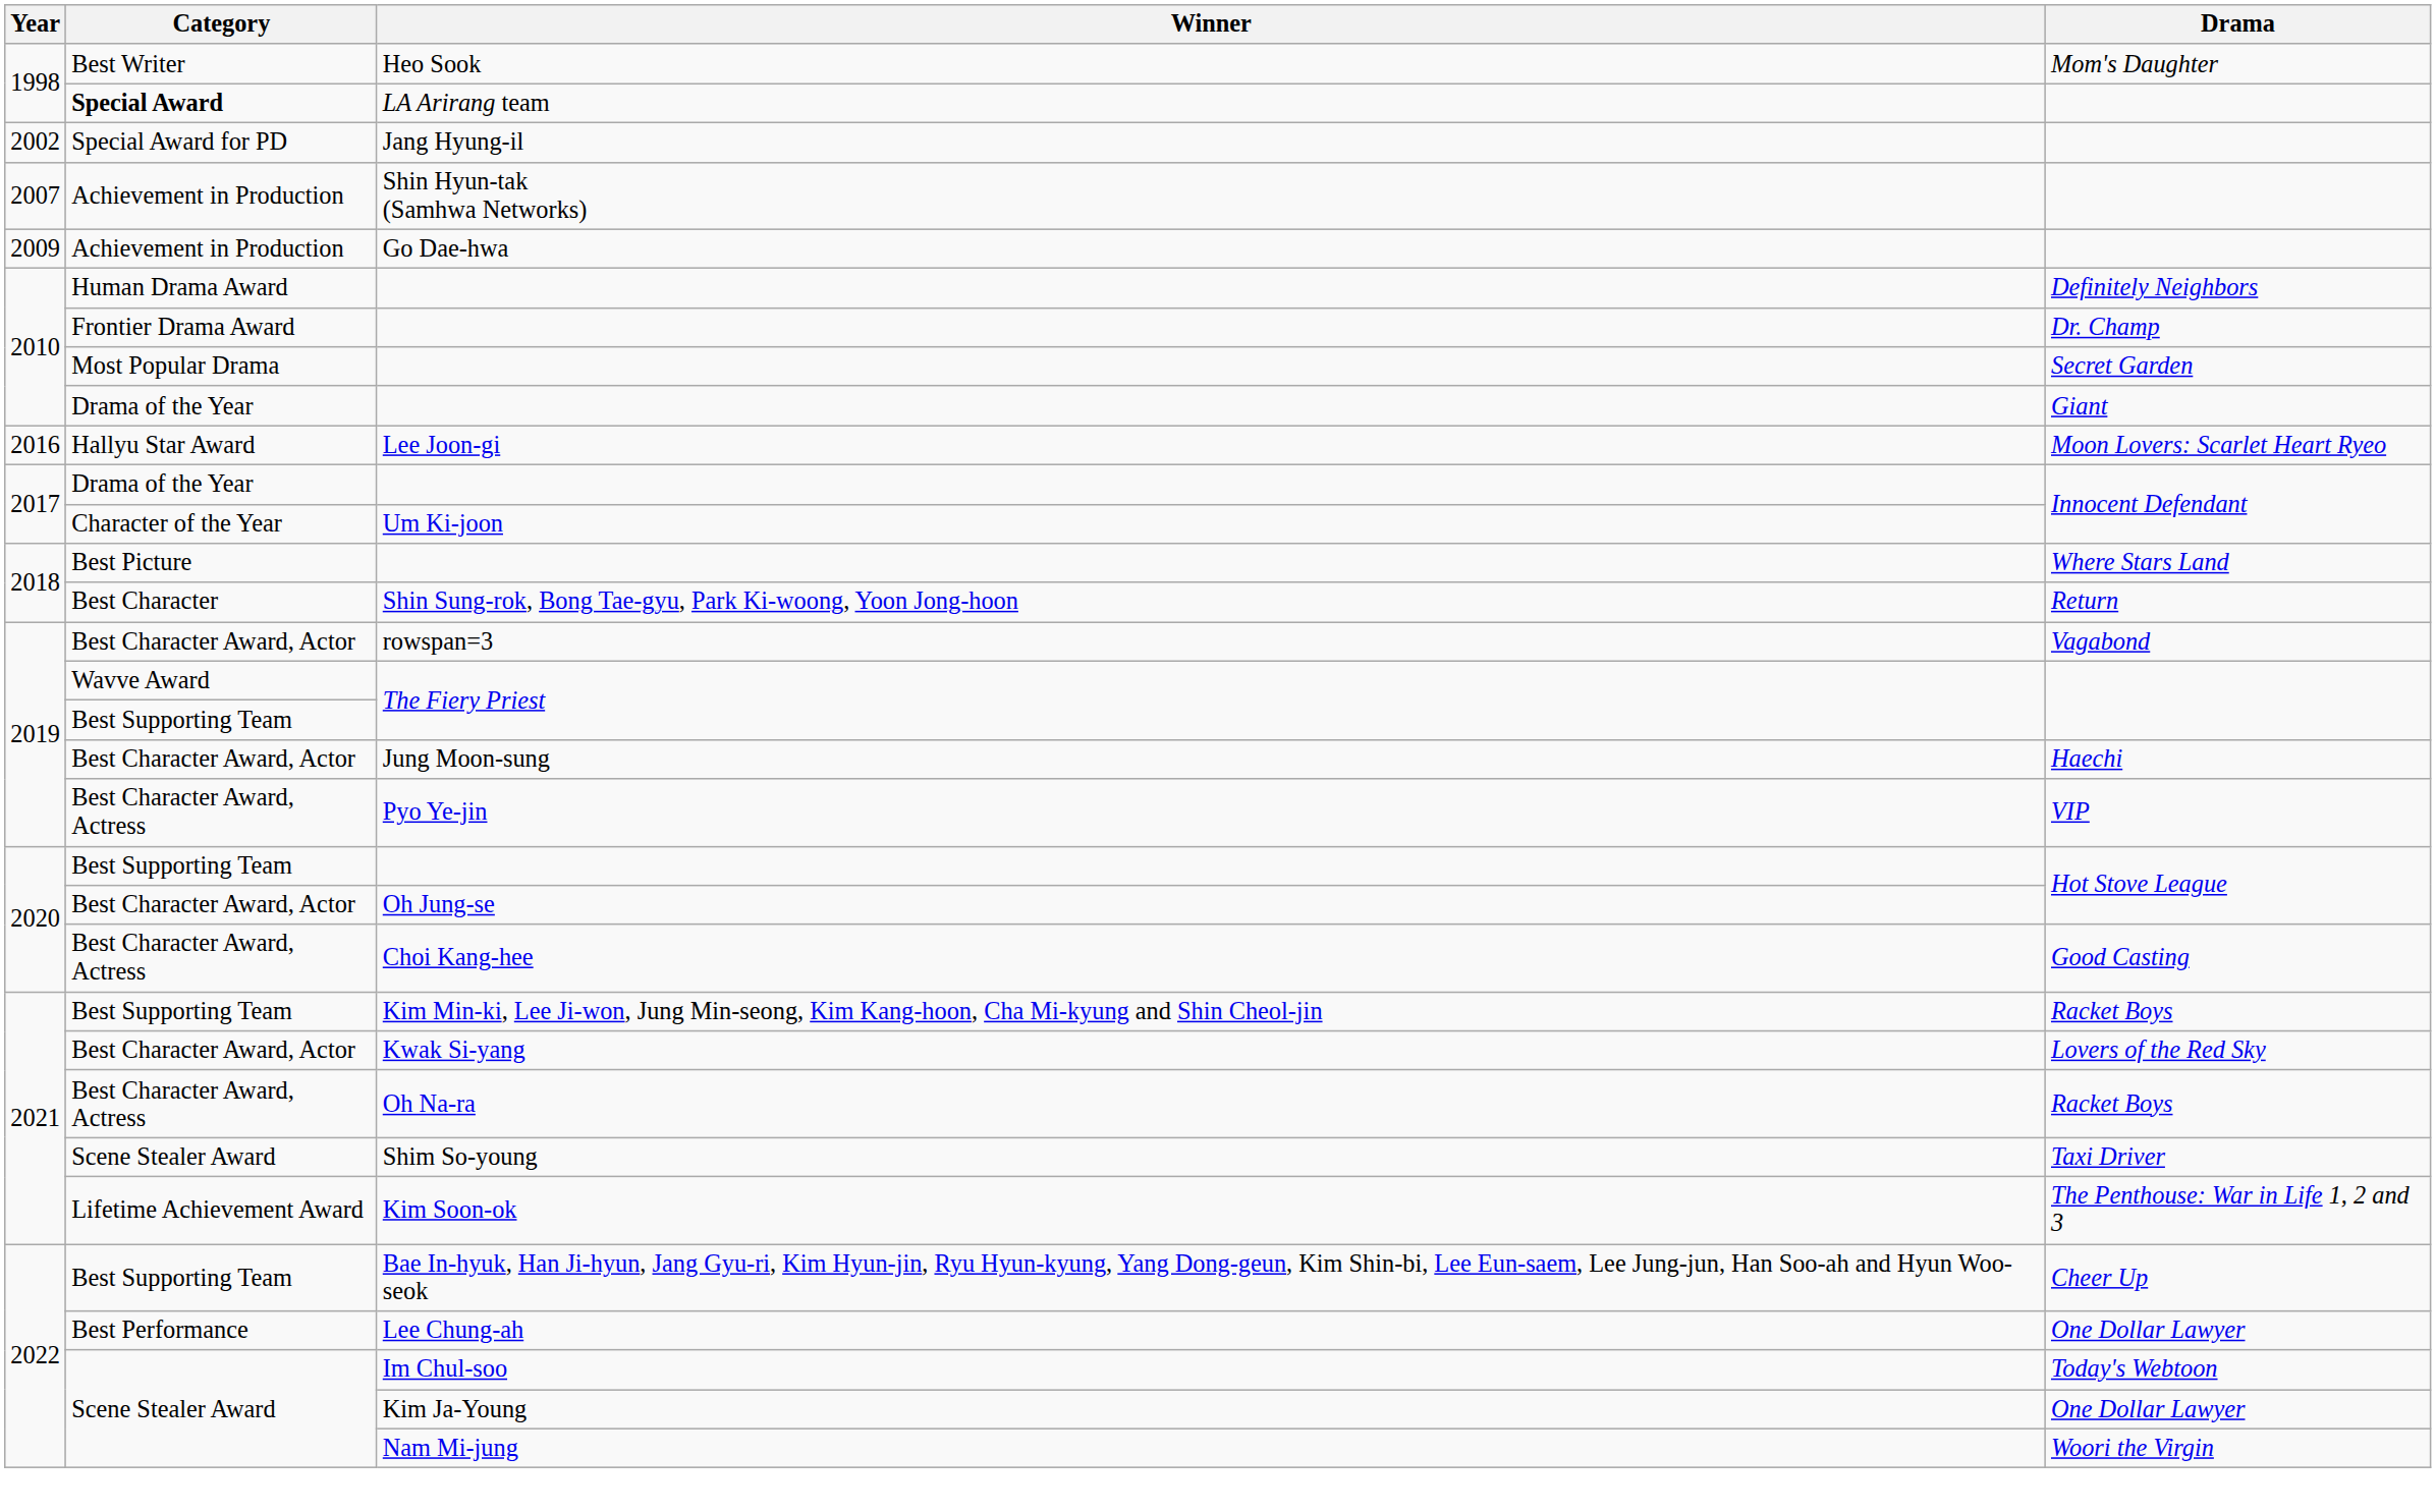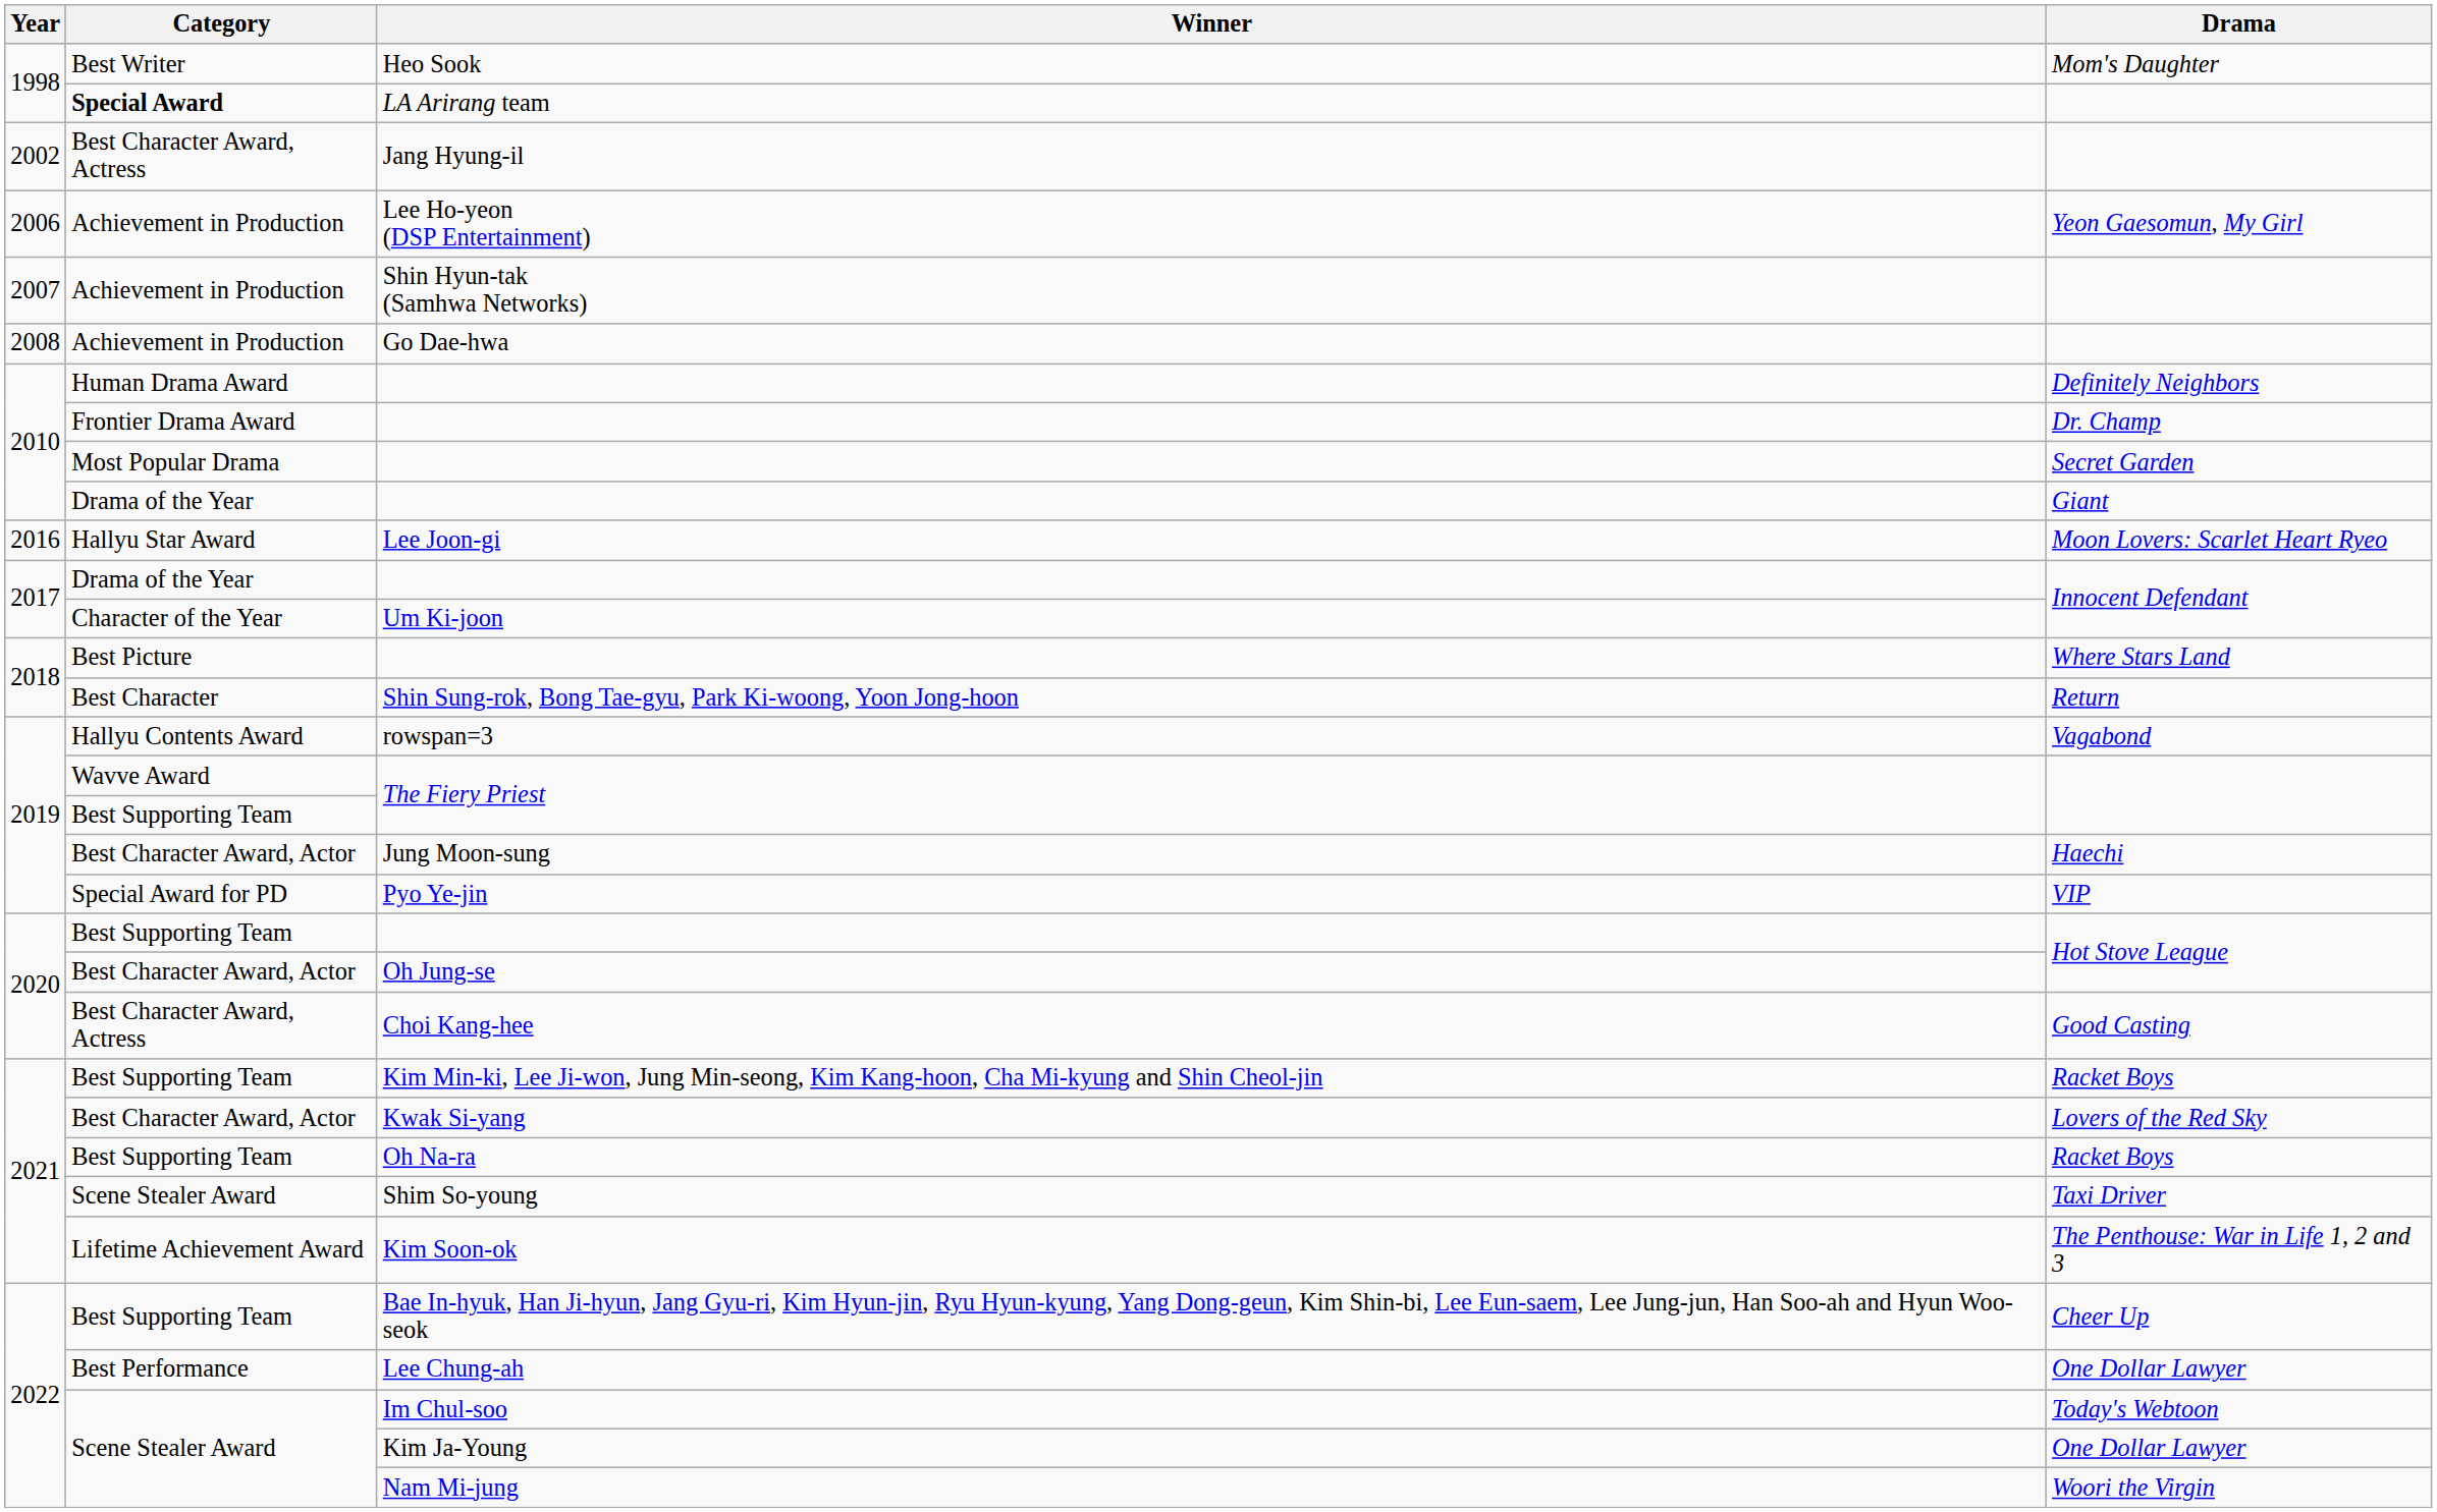 <table class="wikitable">
 <tr>
 <th>Year</th>
 <th>Category</th>
 <th>Winner</th>
 <th>Drama</th>
 </tr>
 <tr>
 <td rowspan=2>1998</td>
 <td>Best Writer</td>
 <td>Heo Sook</td>
 <td><em>Mom's Daughter</em></td>
 </tr>
 <tr>
 <td><strong>Special Award</strong></td>
 <td><em>LA Arirang</em> team</td>
 <td></td>
 </tr>
 <tr>
 <td>2002</td>
-<td>Special Award for PD</td>
+<td>Best Character Award, Actress</td>
 <td>Jang Hyung-il</td>
 <td></td>
+</tr>
+<tr>
+<td>2006</td>
+<td>Achievement in Production</td>
+<td>Lee Ho-yeon <br> (<a href='#'>DSP Entertainment</a>)</td>
+<td><em><a href='#'>Yeon Gaesomun</a></em>, <em><a href='#'>My Girl</a></em></td>
 </tr>
 <tr>
 <td>2007</td>
 <td>Achievement in Production</td>
 <td>Shin Hyun-tak <br> (Samhwa Networks)</td>
 <td></td>
 </tr>
 <tr>
-<td>2009</td>
+<td>2008</td>
 <td>Achievement in Production</td>
 <td>Go Dae-hwa</td>
 <td></td>
 </tr>
 <tr>
 <td rowspan=4>2010</td>
 <td>Human Drama Award</td>
 <td></td>
 <td><em><a href='#'>Definitely Neighbors</a></em></td>
 </tr>
 <tr>
 <td>Frontier Drama Award</td>
 <td></td>
 <td><em><a href='#'>Dr. Champ</a></em></td>
 </tr>
 <tr>
 <td>Most Popular Drama</td>
 <td></td>
 <td><em><a href='#'>Secret Garden</a></em></td>
 </tr>
 <tr>
 <td>Drama of the Year</td>
 <td></td>
 <td><em><a href='#'>Giant</a></em></td>
 </tr>
 <tr>
 <td>2016</td>
 <td>Hallyu Star Award</td>
 <td><a href='#'>Lee Joon-gi</a></td>
 <td><em><a href='#'>Moon Lovers: Scarlet Heart Ryeo</a></em></td>
 </tr>
 <tr>
 <td rowspan=2>2017</td>
 <td>Drama of the Year</td>
 <td></td>
 <td rowspan=2><em><a href='#'>Innocent Defendant</a></em></td>
 </tr>
 <tr>
 <td>Character of the Year</td>
 <td><a href='#'>Um Ki-joon</a></td>
 </tr>
 <tr>
 <td rowspan=2>2018</td>
 <td>Best Picture</td>
 <td></td>
 <td><em><a href='#'>Where Stars Land</a></em></td>
 </tr>
 <tr>
 <td>Best Character</td>
 <td><a href='#'>Shin Sung-rok</a>, <a href='#'>Bong Tae-gyu</a>, <a href='#'>Park Ki-woong</a>, <a href='#'>Yoon Jong-hoon</a></td>
 <td><em><a href='#'>Return</a></em></td>
 </tr>
 <tr>
 <td rowspan=5>2019</td>
-<td>Best Character Award, Actor</td>
+<td>Hallyu Contents Award</td>
 <td>rowspan=3 </td>
 <td><em><a href='#'>Vagabond</a> </em></td>
 </tr>
 <tr>
 <td>Wavve Award</td>
 <td rowspan=2><em><a href='#'>The Fiery Priest</a></em></td>
 </tr>
 <tr>
 <td>Best Supporting Team</td>
 </tr>
 <tr>
 <td>Best Character Award, Actor</td>
 <td>Jung Moon-sung</td>
 <td><em><a href='#'>Haechi</a></em></td>
 </tr>
 <tr>
-<td>Best Character Award, Actress</td>
+<td>Special Award for PD</td>
 <td><a href='#'>Pyo Ye-jin</a></td>
 <td><em><a href='#'>VIP</a></em></td>
 </tr>
 <tr>
 <td rowspan=3>2020</td>
 <td>Best Supporting Team</td>
 <td></td>
 <td rowspan=2><em><a href='#'>Hot Stove League</a></em></td>
 </tr>
 <tr>
 <td>Best Character Award, Actor</td>
 <td><a href='#'>Oh Jung-se</a></td>
 </tr>
 <tr>
 <td>Best Character Award, Actress</td>
 <td><a href='#'>Choi Kang-hee</a></td>
 <td><em><a href='#'>Good Casting</a></em></td>
 </tr>
 <tr>
 <td rowspan=5>2021</td>
 <td>Best Supporting Team</td>
 <td><a href='#'>Kim Min-ki</a>, <a href='#'>Lee Ji-won</a>, Jung Min-seong, <a href='#'>Kim Kang-hoon</a>, <a href='#'>Cha Mi-kyung</a> and <a href='#'>Shin Cheol-jin</a></td>
 <td><em><a href='#'>Racket Boys</a></em></td>
 </tr>
 <tr>
 <td>Best Character Award, Actor</td>
 <td><a href='#'>Kwak Si-yang</a></td>
 <td><em><a href='#'>Lovers of the Red Sky</a></em></td>
 </tr>
 <tr>
-<td>Best Character Award, Actress</td>
+<td>Best Supporting Team</td>
 <td><a href='#'>Oh Na-ra</a></td>
 <td><em><a href='#'>Racket Boys</a></em></td>
 </tr>
 <tr>
 <td>Scene Stealer Award</td>
 <td>Shim So-young</td>
 <td><em><a href='#'>Taxi Driver</a></em></td>
 </tr>
 <tr>
 <td>Lifetime Achievement Award</td>
 <td><a href='#'>Kim Soon-ok</a></td>
 <td><em><a href='#'>The Penthouse: War in Life</a> 1, 2 and 3</em></td>
 </tr>
 <tr>
 <td rowspan=5>2022</td>
 <td>Best Supporting Team</td>
 <td><a href='#'>Bae In-hyuk</a>, <a href='#'>Han Ji-hyun</a>, <a href='#'>Jang Gyu-ri</a>, <a href='#'>Kim Hyun-jin</a>, <a href='#'>Ryu Hyun-kyung</a>, <a href='#'>Yang Dong-geun</a>, Kim Shin-bi, <a href='#'>Lee Eun-saem</a>, Lee Jung-jun, Han Soo-ah and Hyun Woo-seok</td>
 <td><em><a href='#'>Cheer Up</a></em></td>
 </tr>
 <tr>
 <td>Best Performance</td>
 <td><a href='#'>Lee Chung-ah</a></td>
 <td><em><a href='#'>One Dollar Lawyer</a></em></td>
 </tr>
 <tr>
 <td rowspan=3>Scene Stealer Award</td>
 <td><a href='#'>Im Chul-soo</a></td>
 <td><em><a href='#'>Today's Webtoon</a></em></td>
 </tr>
 <tr>
 <td>Kim Ja-Young</td>
 <td><em><a href='#'>One Dollar Lawyer</a></em></td>
 </tr>
 <tr>
 <td><a href='#'>Nam Mi-jung</a></td>
 <td><em><a href='#'>Woori the Virgin</a></em></td>
 </tr>
 </table>
